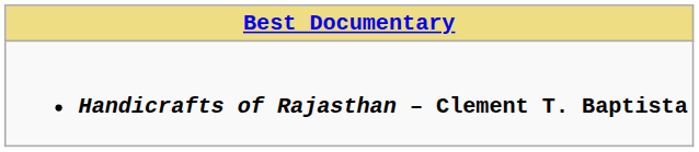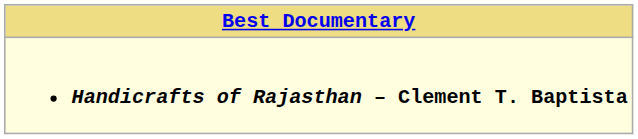 <table class="wikitable">
 <tr>
 <th style="background:#EEDD82;"><a href='#'>Best Documentary</a></th>
 </tr>
 <tr>
-<td valign="top"><br><ul><li><strong> <em>Handicrafts of Rajasthan</em> – Clement T. Baptista </strong></li></ul></td>
+<td valign="top" style="background: lightyellow;"><br><ul><li><strong> <em>Handicrafts of Rajasthan</em> – Clement T. Baptista </strong></li></ul></td>
 </tr>
 </table>
